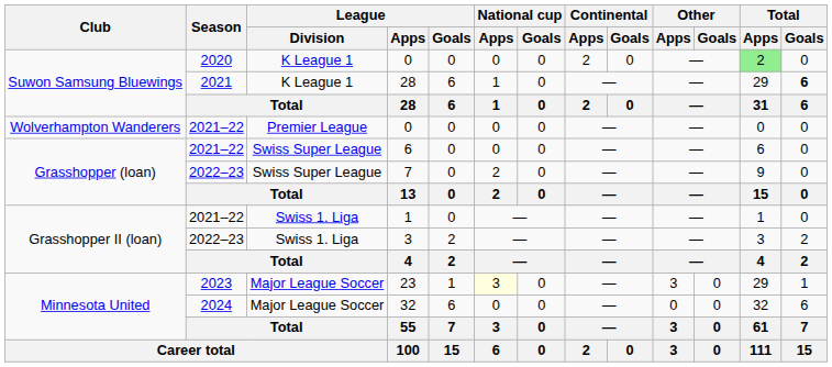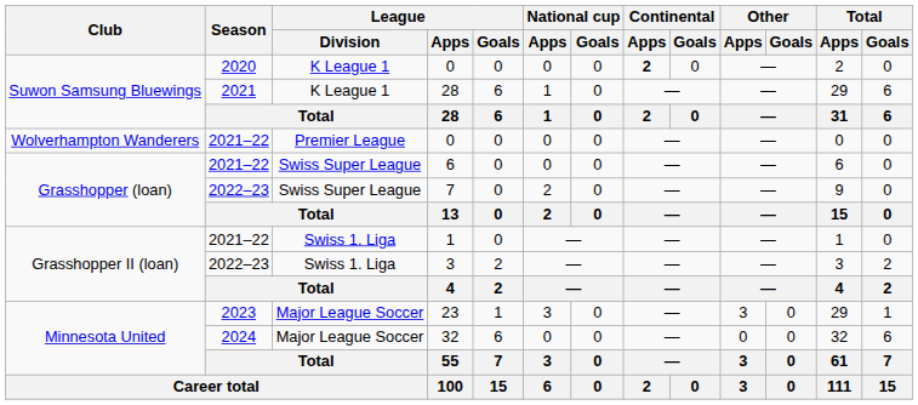 <table class="wikitable" style="text-align: center">
 <tr>
 <th rowspan="2">Club</th>
 <th rowspan="2">Season</th>
 <th colspan="3">League</th>
 <th colspan="2">National cup</th>
 <th colspan="2">Continental</th>
 <th colspan="2">Other</th>
 <th colspan="2">Total</th>
 </tr>
 <tr>
 <th>Division</th>
 <th>Apps</th>
 <th>Goals</th>
 <th>Apps</th>
 <th>Goals</th>
 <th>Apps</th>
 <th>Goals</th>
 <th>Apps</th>
 <th>Goals</th>
 <th>Apps</th>
 <th>Goals</th>
 </tr>
 <tr>
 <td rowspan="3"><a href='#'>Suwon Samsung Bluewings</a></td>
 <td><a href='#'>2020</a></td>
 <td><a href='#'>K League 1</a></td>
 <td>0</td>
 <td>0</td>
 <td>0</td>
 <td>0</td>
-<td>2</td>
+<td><strong>2</strong></td>
 <td>0</td>
 <td colspan="2">—</td>
-<td style="background: lightgreen;">2</td>
+<td>2</td>
 <td>0</td>
 </tr>
 <tr>
 <td><a href='#'>2021</a></td>
 <td>K League 1</td>
 <td>28</td>
 <td>6</td>
 <td>1</td>
 <td>0</td>
 <td colspan="2">—</td>
 <td colspan="2">—</td>
 <td>29</td>
-<td><strong>6</strong></td>
+<td>6</td>
 </tr>
 <tr>
 <th colspan="2">Total</th>
 <th>28</th>
 <th>6</th>
 <th>1</th>
 <th>0</th>
 <th>2</th>
 <th>0</th>
 <th colspan="2">—</th>
 <th>31</th>
 <th>6</th>
 </tr>
 <tr>
 <td rowspan="1"><a href='#'>Wolverhampton Wanderers</a></td>
 <td><a href='#'>2021–22</a></td>
 <td><a href='#'>Premier League</a></td>
 <td>0</td>
 <td>0</td>
 <td>0</td>
 <td>0</td>
 <td colspan="2">—</td>
 <td colspan="2">—</td>
 <td>0</td>
 <td>0</td>
 </tr>
 <tr>
 <td rowspan="3"><a href='#'>Grasshopper</a> (loan)</td>
 <td><a href='#'>2021–22</a></td>
 <td><a href='#'>Swiss Super League</a></td>
 <td>6</td>
 <td>0</td>
 <td>0</td>
 <td>0</td>
 <td colspan="2">—</td>
 <td colspan="2">—</td>
 <td>6</td>
 <td>0</td>
 </tr>
 <tr>
 <td><a href='#'>2022–23</a></td>
 <td>Swiss Super League</td>
 <td>7</td>
 <td>0</td>
 <td>2</td>
 <td>0</td>
 <td colspan="2">—</td>
 <td colspan="2">—</td>
 <td>9</td>
 <td>0</td>
 </tr>
 <tr>
 <th colspan="2">Total</th>
 <th>13</th>
 <th>0</th>
 <th>2</th>
 <th>0</th>
 <th colspan="2">—</th>
 <th colspan="2">—</th>
 <th>15</th>
 <th>0</th>
 </tr>
 <tr>
 <td rowspan="3">Grasshopper II (loan)</td>
 <td>2021–22</td>
 <td><a href='#'>Swiss 1. Liga</a></td>
 <td>1</td>
 <td>0</td>
 <td colspan="2">—</td>
 <td colspan="2">—</td>
 <td colspan="2">—</td>
 <td>1</td>
 <td>0</td>
 </tr>
 <tr>
 <td>2022–23</td>
 <td>Swiss 1. Liga</td>
 <td>3</td>
 <td>2</td>
 <td colspan="2">—</td>
 <td colspan="2">—</td>
 <td colspan="2">—</td>
 <td>3</td>
 <td>2</td>
 </tr>
 <tr>
 <th colspan="2">Total</th>
 <th>4</th>
 <th>2</th>
 <th colspan="2">—</th>
 <th colspan="2">—</th>
 <th colspan="2">—</th>
 <th>4</th>
 <th>2</th>
 </tr>
 <tr>
 <td rowspan="3"><a href='#'>Minnesota United</a></td>
 <td><a href='#'>2023</a></td>
 <td><a href='#'>Major League Soccer</a></td>
 <td>23</td>
 <td>1</td>
-<td style="background: lightyellow;">3</td>
+<td>3</td>
 <td>0</td>
 <td colspan="2">—</td>
 <td>3</td>
 <td>0</td>
 <td>29</td>
 <td>1</td>
 </tr>
 <tr>
 <td><a href='#'>2024</a></td>
 <td>Major League Soccer</td>
 <td>32</td>
 <td>6</td>
 <td>0</td>
 <td>0</td>
 <td colspan="2">—</td>
 <td>0</td>
 <td>0</td>
 <td>32</td>
 <td>6</td>
 </tr>
 <tr>
 <th colspan="2">Total</th>
 <th>55</th>
 <th>7</th>
 <th>3</th>
 <th>0</th>
 <th colspan="2">—</th>
 <th>3</th>
 <th>0</th>
 <th>61</th>
 <th>7</th>
 </tr>
 <tr>
 <th colspan=3>Career total</th>
 <th>100</th>
 <th>15</th>
 <th>6</th>
 <th>0</th>
 <th>2</th>
 <th>0</th>
 <th>3</th>
 <th>0</th>
 <th>111</th>
 <th>15</th>
 </tr>
 </table>
